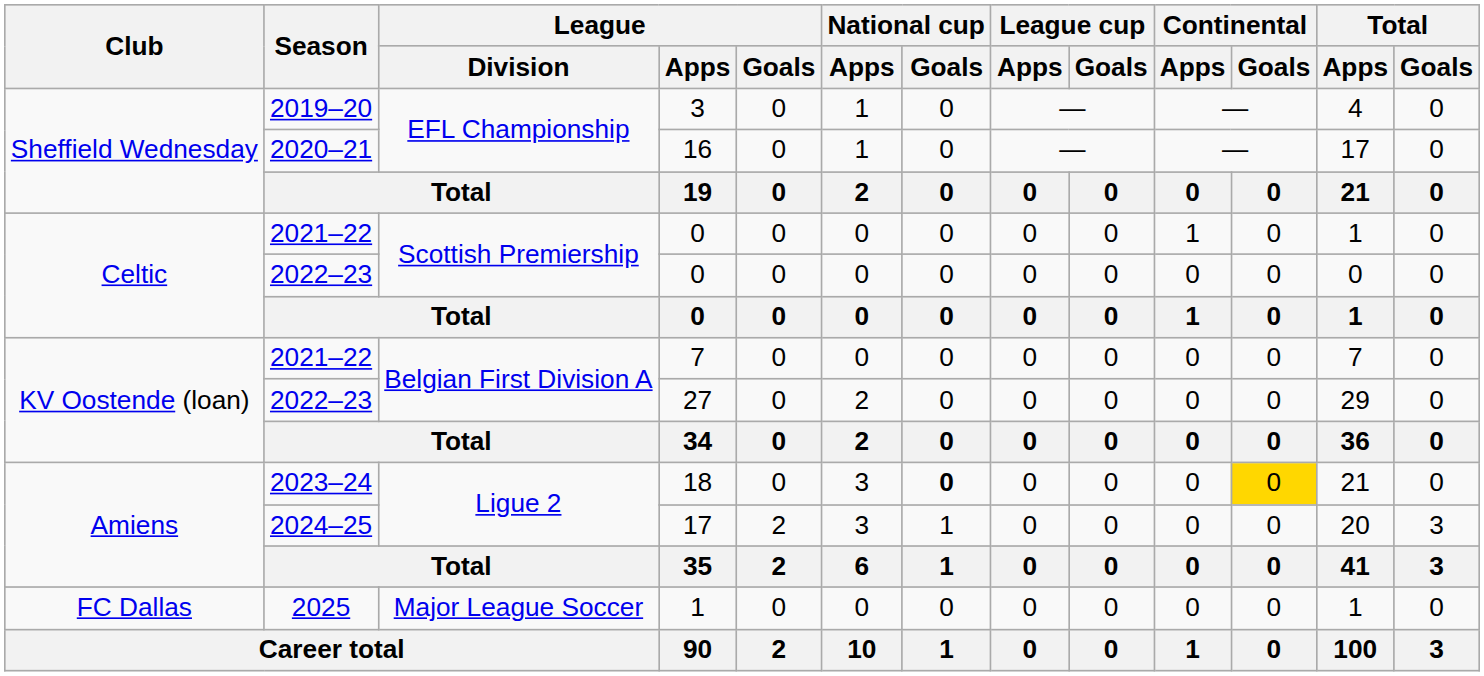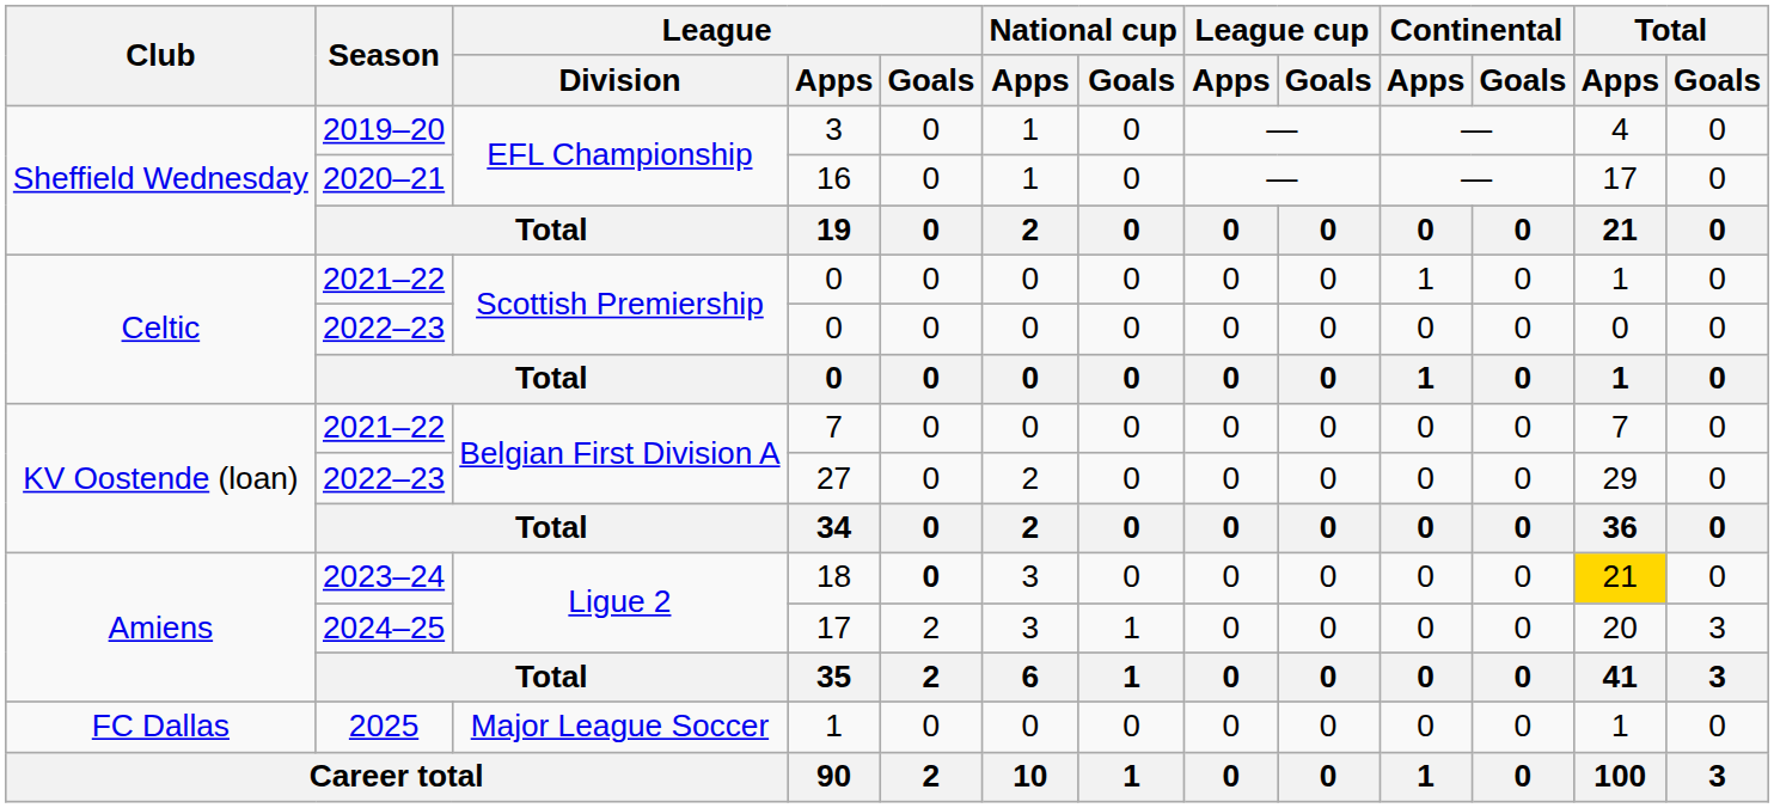 <table class="wikitable" style="text-align:center">
 <tr>
 <th rowspan="2">Club</th>
 <th rowspan="2">Season</th>
 <th colspan="3">League</th>
 <th colspan="2">National cup</th>
 <th colspan="2">League cup</th>
 <th colspan="2">Continental</th>
 <th colspan="2">Total</th>
 </tr>
 <tr>
 <th>Division</th>
 <th>Apps</th>
 <th>Goals</th>
 <th>Apps</th>
 <th>Goals</th>
 <th>Apps</th>
 <th>Goals</th>
 <th>Apps</th>
 <th>Goals</th>
 <th>Apps</th>
 <th>Goals</th>
 </tr>
 <tr>
 <td rowspan="3"><a href='#'>Sheffield Wednesday</a></td>
 <td><a href='#'>2019–20</a></td>
 <td rowspan="2"><a href='#'>EFL Championship</a></td>
 <td>3</td>
 <td>0</td>
 <td>1</td>
 <td>0</td>
 <td colspan="2">—</td>
 <td colspan="2">—</td>
 <td>4</td>
 <td>0</td>
 </tr>
 <tr>
 <td><a href='#'>2020–21</a></td>
 <td>16</td>
 <td>0</td>
 <td>1</td>
 <td>0</td>
 <td colspan="2">—</td>
 <td colspan="2">—</td>
 <td>17</td>
 <td>0</td>
 </tr>
 <tr>
 <th colspan="2">Total</th>
 <th>19</th>
 <th>0</th>
 <th>2</th>
 <th>0</th>
 <th>0</th>
 <th>0</th>
 <th>0</th>
 <th>0</th>
 <th>21</th>
 <th>0</th>
 </tr>
 <tr>
 <td rowspan="3"><a href='#'>Celtic</a></td>
 <td><a href='#'>2021–22</a></td>
 <td rowspan="2"><a href='#'>Scottish Premiership</a></td>
 <td>0</td>
 <td>0</td>
 <td>0</td>
 <td>0</td>
 <td>0</td>
 <td>0</td>
 <td>1</td>
 <td>0</td>
 <td>1</td>
 <td>0</td>
 </tr>
 <tr>
 <td><a href='#'>2022–23</a></td>
 <td>0</td>
 <td>0</td>
 <td>0</td>
 <td>0</td>
 <td>0</td>
 <td>0</td>
 <td>0</td>
 <td>0</td>
 <td>0</td>
 <td>0</td>
 </tr>
 <tr>
 <th colspan="2">Total</th>
 <th>0</th>
 <th>0</th>
 <th>0</th>
 <th>0</th>
 <th>0</th>
 <th>0</th>
 <th>1</th>
 <th>0</th>
 <th>1</th>
 <th>0</th>
 </tr>
 <tr>
 <td rowspan="3"><a href='#'>KV Oostende</a> (loan)</td>
 <td><a href='#'>2021–22</a></td>
 <td rowspan="2"><a href='#'>Belgian First Division A</a></td>
 <td>7</td>
 <td>0</td>
 <td>0</td>
 <td>0</td>
 <td>0</td>
 <td>0</td>
 <td>0</td>
 <td>0</td>
 <td>7</td>
 <td>0</td>
 </tr>
 <tr>
 <td><a href='#'>2022–23</a></td>
 <td>27</td>
 <td>0</td>
 <td>2</td>
 <td>0</td>
 <td>0</td>
 <td>0</td>
 <td>0</td>
 <td>0</td>
 <td>29</td>
 <td>0</td>
 </tr>
 <tr>
 <th colspan="2">Total</th>
 <th>34</th>
 <th>0</th>
 <th>2</th>
 <th>0</th>
 <th>0</th>
 <th>0</th>
 <th>0</th>
 <th>0</th>
 <th>36</th>
 <th>0</th>
 </tr>
 <tr>
 <td rowspan="3"><a href='#'>Amiens</a></td>
 <td><a href='#'>2023–24</a></td>
 <td rowspan="2"><a href='#'>Ligue 2</a></td>
 <td>18</td>
-<td>0</td>
+<td><strong>0</strong></td>
 <td>3</td>
-<td><strong>0</strong></td>
 <td>0</td>
 <td>0</td>
 <td>0</td>
-<td style="background: gold;">0</td>
-<td>21</td>
+<td>0</td>
+<td>0</td>
+<td style="background: gold;">21</td>
 <td>0</td>
 </tr>
 <tr>
 <td><a href='#'>2024–25</a></td>
 <td>17</td>
 <td>2</td>
 <td>3</td>
 <td>1</td>
 <td>0</td>
 <td>0</td>
 <td>0</td>
 <td>0</td>
 <td>20</td>
 <td>3</td>
 </tr>
 <tr>
 <th colspan="2">Total</th>
 <th>35</th>
 <th>2</th>
 <th>6</th>
 <th>1</th>
 <th>0</th>
 <th>0</th>
 <th>0</th>
 <th>0</th>
 <th>41</th>
 <th>3</th>
 </tr>
 <tr>
 <td><a href='#'>FC Dallas</a></td>
 <td><a href='#'>2025</a></td>
 <td><a href='#'>Major League Soccer</a></td>
 <td>1</td>
 <td>0</td>
 <td>0</td>
 <td>0</td>
 <td>0</td>
 <td>0</td>
 <td>0</td>
 <td>0</td>
 <td>1</td>
 <td>0</td>
 </tr>
 <tr>
 <th colspan="3">Career total</th>
 <th>90</th>
 <th>2</th>
 <th>10</th>
 <th>1</th>
 <th>0</th>
 <th>0</th>
 <th>1</th>
 <th>0</th>
 <th>100</th>
 <th>3</th>
 </tr>
 </table>
